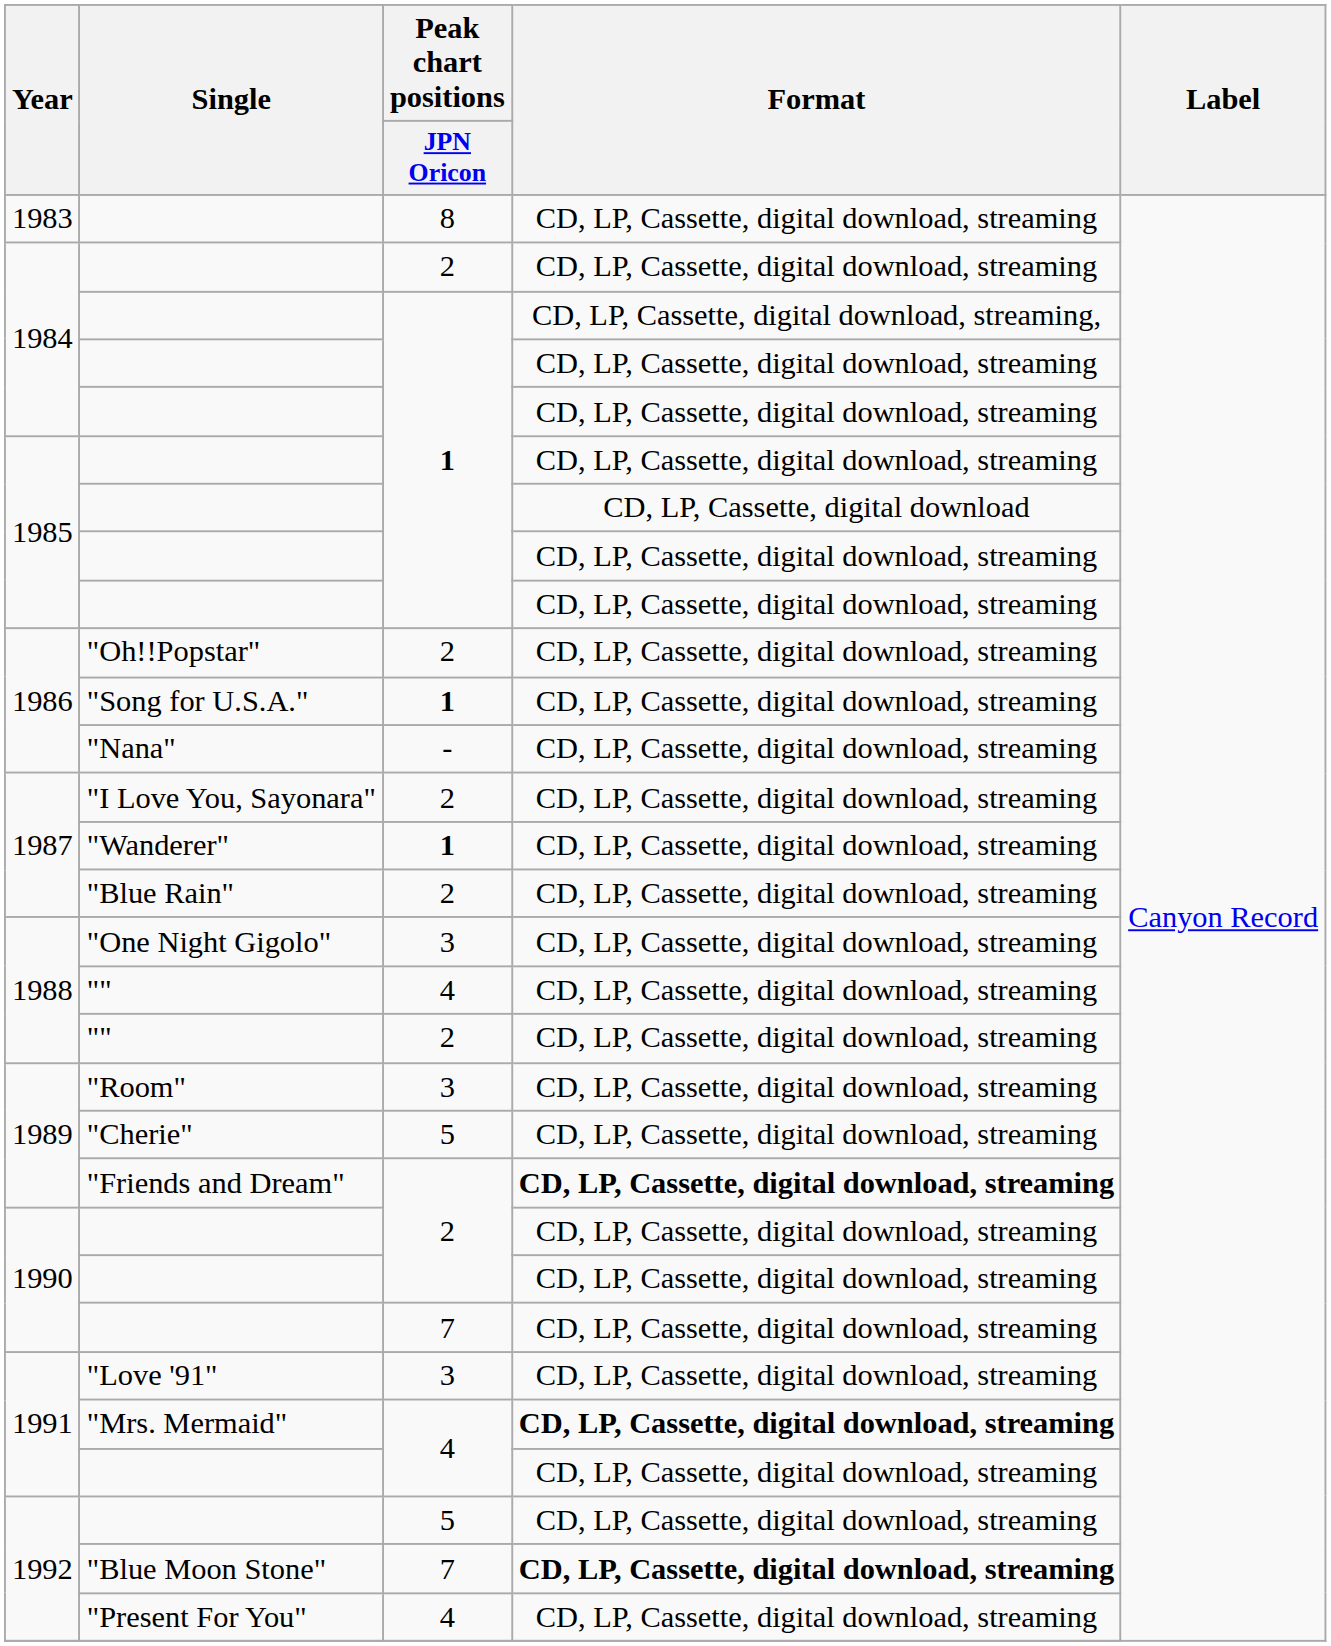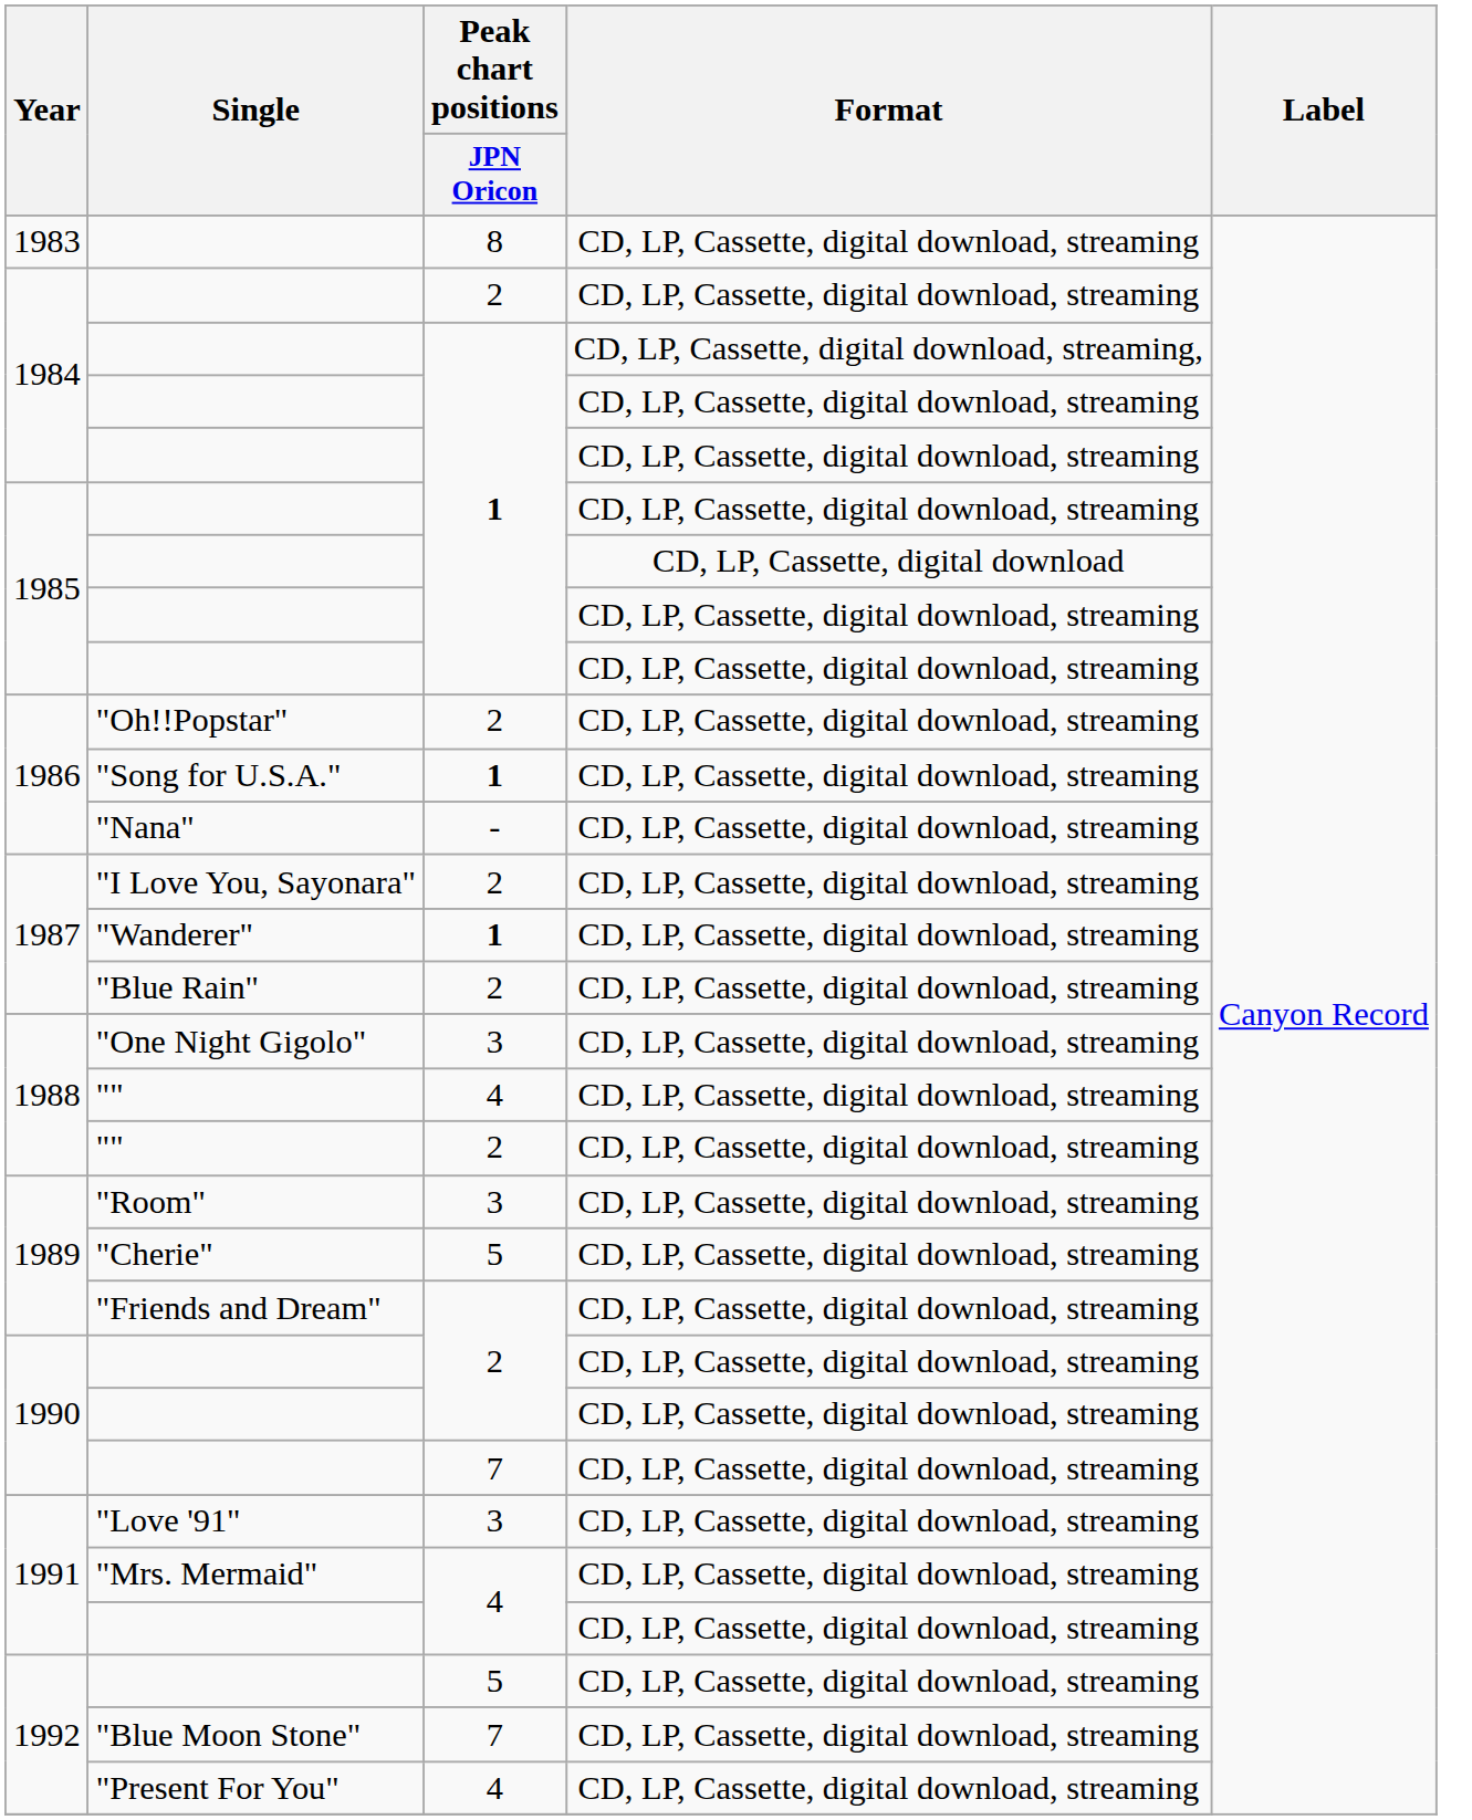 <table class="wikitable plainrowheaders" style="text-align:center;">
 <tr>
 <th scope="col" rowspan="2">Year</th>
 <th scope="col" rowspan="2">Single</th>
 <th scope="col" rowspan="1">Peak chart positions</th>
 <th scope="col" rowspan="2">Format</th>
 <th scope="col" rowspan="2">Label</th>
 </tr>
 <tr>
 <th style="width:3em;font-size:85%"><a href='#'>JPN<br>Oricon</a><br></th>
 </tr>
 <tr>
 <td>1983</td>
 <td style="text-align:left;"><br></td>
 <td>8</td>
 <td>CD, LP, Cassette, digital download, streaming</td>
 <td rowspan="31"><a href='#'>Canyon Record</a></td>
 </tr>
 <tr>
 <td rowspan="4">1984</td>
 <td style="text-align:left;"><br></td>
 <td>2</td>
 <td>CD, LP, Cassette, digital download, streaming</td>
 </tr>
 <tr>
 <td style="text-align:left;"><br></td>
 <td rowspan="7"><strong>1</strong></td>
 <td>CD, LP, Cassette, digital download, streaming,</td>
 </tr>
 <tr>
 <td style="text-align:left;"><br></td>
 <td>CD, LP, Cassette, digital download, streaming</td>
 </tr>
 <tr>
 <td style="text-align:left;"><br></td>
 <td>CD, LP, Cassette, digital download, streaming</td>
 </tr>
 <tr>
 <td rowspan="4">1985</td>
 <td style="text-align:left;"><br></td>
 <td>CD, LP, Cassette, digital download, streaming</td>
 </tr>
 <tr>
 <td style="text-align:left;"><br></td>
 <td>CD, LP, Cassette, digital download</td>
 </tr>
 <tr>
 <td style="text-align:left;"><br></td>
 <td>CD, LP, Cassette, digital download, streaming</td>
 </tr>
 <tr>
 <td style="text-align:left;"><br></td>
 <td>CD, LP, Cassette, digital download, streaming</td>
 </tr>
 <tr>
 <td rowspan="3">1986</td>
 <td style="text-align:left;">"Oh!!Popstar"<br></td>
 <td>2</td>
 <td>CD, LP, Cassette, digital download, streaming</td>
 </tr>
 <tr>
 <td style="text-align:left;">"Song for U.S.A."<br></td>
 <td><strong>1</strong></td>
 <td>CD, LP, Cassette, digital download, streaming</td>
 </tr>
 <tr>
 <td style="text-align:left;">"Nana"<br></td>
 <td>-</td>
 <td>CD, LP, Cassette, digital download, streaming</td>
 </tr>
 <tr>
 <td rowspan="3">1987</td>
 <td style="text-align:left;">"I Love You, Sayonara"<br></td>
 <td>2</td>
 <td>CD, LP, Cassette, digital download, streaming</td>
 </tr>
 <tr>
 <td style="text-align:left;">"Wanderer"<br></td>
 <td><strong>1</strong></td>
 <td>CD, LP, Cassette, digital download, streaming</td>
 </tr>
 <tr>
 <td style="text-align:left;">"Blue Rain"<br></td>
 <td>2</td>
 <td>CD, LP, Cassette, digital download, streaming</td>
 </tr>
 <tr>
 <td rowspan="3">1988</td>
 <td style="text-align:left;">"One Night Gigolo"<br></td>
 <td>3</td>
 <td>CD, LP, Cassette, digital download, streaming</td>
 </tr>
 <tr>
 <td style="text-align:left;">""<br></td>
 <td>4</td>
 <td>CD, LP, Cassette, digital download, streaming</td>
 </tr>
 <tr>
 <td style="text-align:left;">""<br></td>
 <td>2</td>
 <td>CD, LP, Cassette, digital download, streaming</td>
 </tr>
 <tr>
 <td rowspan="3">1989</td>
 <td style="text-align:left;">"Room"<br></td>
 <td>3</td>
 <td>CD, LP, Cassette, digital download, streaming</td>
 </tr>
 <tr>
 <td style="text-align:left;">"Cherie"<br></td>
 <td>5</td>
 <td>CD, LP, Cassette, digital download, streaming</td>
 </tr>
 <tr>
 <td style="text-align:left;">"Friends and Dream"<br></td>
 <td rowspan="3">2</td>
-<td><strong>CD, LP, Cassette, digital download, streaming</strong></td>
+<td>CD, LP, Cassette, digital download, streaming</td>
 </tr>
 <tr>
 <td rowspan="3">1990</td>
 <td style="text-align:left;"><br></td>
 <td>CD, LP, Cassette, digital download, streaming</td>
 </tr>
 <tr>
 <td style="text-align:left;"><br></td>
 <td>CD, LP, Cassette, digital download, streaming</td>
 </tr>
 <tr>
 <td style="text-align:left;"><br></td>
 <td>7</td>
 <td>CD, LP, Cassette, digital download, streaming</td>
 </tr>
 <tr>
 <td rowspan="3">1991</td>
 <td style="text-align:left;">"Love '91"<br></td>
 <td>3</td>
 <td>CD, LP, Cassette, digital download, streaming</td>
 </tr>
 <tr>
 <td style="text-align:left;">"Mrs. Mermaid"<br></td>
 <td rowspan="2">4</td>
-<td><strong>CD, LP, Cassette, digital download, streaming</strong></td>
+<td>CD, LP, Cassette, digital download, streaming</td>
 </tr>
 <tr>
 <td style="text-align:left;"><br></td>
 <td>CD, LP, Cassette, digital download, streaming</td>
 </tr>
 <tr>
 <td rowspan="3">1992</td>
 <td style="text-align:left;"><br></td>
 <td>5</td>
 <td>CD, LP, Cassette, digital download, streaming</td>
 </tr>
 <tr>
 <td style="text-align:left;">"Blue Moon Stone"<br></td>
 <td>7</td>
-<td><strong>CD, LP, Cassette, digital download, streaming</strong></td>
+<td>CD, LP, Cassette, digital download, streaming</td>
 </tr>
 <tr>
 <td style="text-align:left;">"Present For You"<br></td>
 <td>4</td>
 <td>CD, LP, Cassette, digital download, streaming</td>
 </tr>
 <tr>
 </tr>
 </table>
